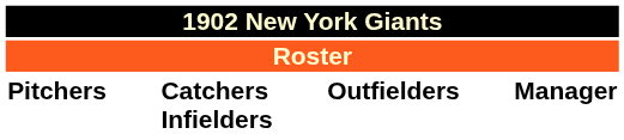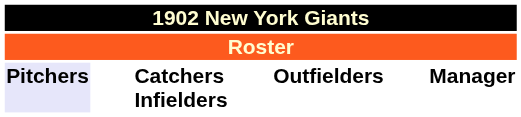 <table class="toccolours" style="font-size: 95%;">
 <tr>
 <th colspan="10" style="background-color: black; color: #FFFDD0; text-align: center;">1902 New York Giants</th>
 </tr>
 <tr>
 <td colspan="10" style="background-color: #fd5a1e; color: #FFFDD0; text-align: center;"><strong>Roster</strong></td>
 </tr>
 <tr>
-<td valign="top"><strong>Pitchers</strong><br>           </td>
+<td valign="top" style="background: lavender;"><strong>Pitchers</strong><br>           </td>
 <td width="25px"></td>
 <td valign="top"><strong>Catchers</strong><br>    <strong>Infielders</strong>        </td>
 <td width="25px"></td>
 <td valign="top"><strong>Outfielders</strong><br>              </td>
 <td width="25px"></td>
 <td valign="top"><strong>Manager</strong><br>  </td>
 </tr>
 </table>
